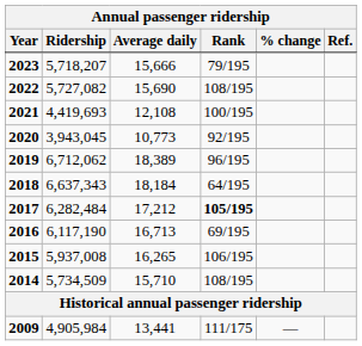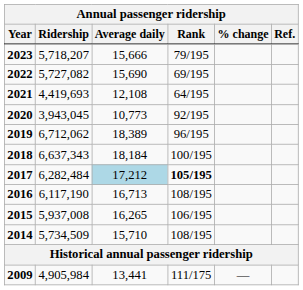 <table class="wikitable sortable" style="text-align:right;">
 <tr>
 <th colspan="6" style="background-color:#">Annual passenger ridership</th>
 </tr>
 <tr style="font-size:95%; text-align:center">
 <th style="border-bottom:1px solid black">Year</th>
 <th style="border-bottom:1px solid black">Ridership</th>
 <th style="border-bottom:1px solid black">Average daily</th>
 <th style="border-bottom:1px solid black">Rank</th>
 <th style="border-bottom:1px solid black">% change</th>
 <th style="border-bottom:1px solid black">Ref.</th>
 </tr>
 <tr style="text-align:center;">
 <td><strong>2023</strong></td>
 <td>5,718,207</td>
 <td>15,666</td>
 <td>79/195</td>
 <td></td>
 <td></td>
 </tr>
 <tr style="text-align:center;">
 <td><strong>2022</strong></td>
 <td>5,727,082</td>
 <td>15,690</td>
-<td>108/195</td>
+<td>69/195</td>
 <td></td>
 <td></td>
 </tr>
 <tr style="text-align:center;">
 <td><strong>2021</strong></td>
 <td>4,419,693</td>
 <td>12,108</td>
-<td>100/195</td>
+<td>64/195</td>
 <td></td>
 <td></td>
 </tr>
 <tr style="text-align:center;">
 <td><strong>2020</strong></td>
 <td>3,943,045</td>
 <td>10,773</td>
 <td>92/195</td>
 <td></td>
 <td></td>
 </tr>
 <tr style="text-align:center;">
 <td><strong>2019</strong></td>
 <td>6,712,062</td>
 <td>18,389</td>
 <td>96/195</td>
 <td></td>
 <td></td>
 </tr>
 <tr style="text-align:center;">
 <td><strong>2018</strong></td>
 <td>6,637,343</td>
 <td>18,184</td>
-<td>64/195</td>
+<td>100/195</td>
 <td></td>
 <td></td>
 </tr>
 <tr style="text-align:center;">
 <td><strong>2017</strong></td>
 <td>6,282,484</td>
-<td>17,212</td>
+<td style="background: lightblue;">17,212</td>
 <td><strong>105/195</strong></td>
 <td></td>
 <td></td>
 </tr>
 <tr style="text-align:center;">
 <td><strong>2016</strong></td>
 <td>6,117,190</td>
 <td>16,713</td>
-<td>69/195</td>
+<td>108/195</td>
 <td></td>
 <td></td>
 </tr>
 <tr style="text-align:center;">
 <td><strong>2015</strong></td>
 <td>5,937,008</td>
 <td>16,265</td>
 <td>106/195</td>
 <td></td>
 <td></td>
 </tr>
 <tr style="text-align:center;">
 <td><strong>2014</strong></td>
 <td>5,734,509</td>
 <td>15,710</td>
 <td>108/195</td>
 <td></td>
 <td></td>
 </tr>
 <tr>
 <th colspan="6" style="background-color:#">Historical annual passenger ridership</th>
 </tr>
 <tr style="text-align:center;">
 <td><strong>2009</strong></td>
 <td>4,905,984</td>
 <td>13,441</td>
 <td>111/175</td>
 <td>—</td>
 <td></td>
 </tr>
 </table>
